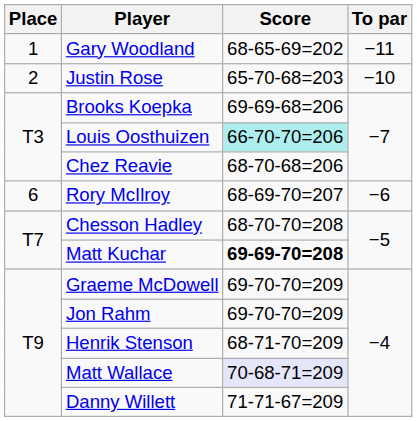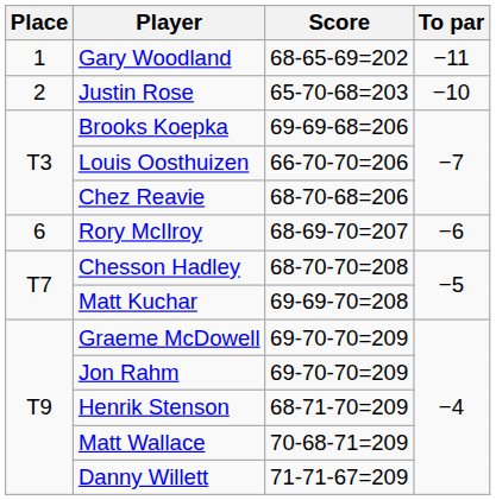 <table class="wikitable">
 <tr>
 <th>Place</th>
 <th>Player</th>
 <th>Score</th>
 <th>To par</th>
 </tr>
 <tr>
 <td align=center>1</td>
 <td> <a href='#'>Gary Woodland</a></td>
 <td>68-65-69=202</td>
 <td align=center>−11</td>
 </tr>
 <tr>
 <td align=center>2</td>
 <td> <a href='#'>Justin Rose</a></td>
 <td>65-70-68=203</td>
 <td align=center>−10</td>
 </tr>
 <tr>
 <td rowspan=3 align=center>T3</td>
 <td> <a href='#'>Brooks Koepka</a></td>
 <td>69-69-68=206</td>
 <td rowspan=3 align=center>−7</td>
 </tr>
 <tr>
 <td> <a href='#'>Louis Oosthuizen</a></td>
-<td style="background: paleturquoise;">66-70-70=206</td>
+<td>66-70-70=206</td>
 </tr>
 <tr>
 <td> <a href='#'>Chez Reavie</a></td>
 <td>68-70-68=206</td>
 </tr>
 <tr>
 <td align=center>6</td>
 <td> <a href='#'>Rory McIlroy</a></td>
 <td>68-69-70=207</td>
 <td align=center>−6</td>
 </tr>
 <tr>
 <td rowspan=2 align=center>T7</td>
 <td> <a href='#'>Chesson Hadley</a></td>
 <td>68-70-70=208</td>
 <td rowspan=2 align=center>−5</td>
 </tr>
 <tr>
 <td> <a href='#'>Matt Kuchar</a></td>
-<td><strong>69-69-70=208</strong></td>
+<td>69-69-70=208</td>
 </tr>
 <tr>
 <td rowspan=5 align=center>T9</td>
 <td> <a href='#'>Graeme McDowell</a></td>
 <td>69-70-70=209</td>
 <td rowspan=5 align=center>−4</td>
 </tr>
 <tr>
 <td> <a href='#'>Jon Rahm</a></td>
 <td>69-70-70=209</td>
 </tr>
 <tr>
 <td> <a href='#'>Henrik Stenson</a></td>
 <td>68-71-70=209</td>
 </tr>
 <tr>
 <td> <a href='#'>Matt Wallace</a></td>
-<td style="background: lavender;">70-68-71=209</td>
+<td>70-68-71=209</td>
 </tr>
 <tr>
 <td> <a href='#'>Danny Willett</a></td>
 <td>71-71-67=209</td>
 </tr>
 </table>
